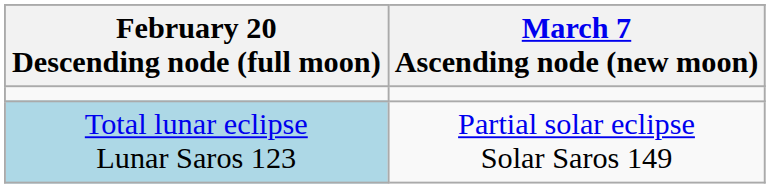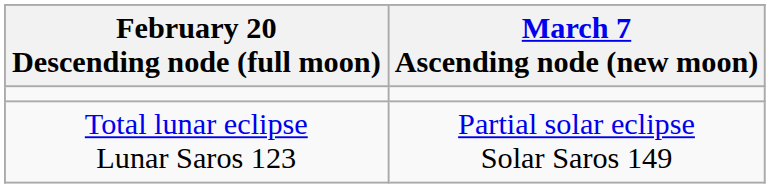 <table class="wikitable">
 <tr>
 <th>February 20<br>Descending node (full moon)<br></th>
 <th><a href='#'>March 7</a><br>Ascending node (new moon)<br></th>
 </tr>
 <tr>
 <td></td>
 <td></td>
 </tr>
 <tr align=center>
-<td style="background: lightblue;"><a href='#'>Total lunar eclipse</a><br>Lunar Saros 123</td>
+<td><a href='#'>Total lunar eclipse</a><br>Lunar Saros 123</td>
 <td><a href='#'>Partial solar eclipse</a><br>Solar Saros 149</td>
 </tr>
 </table>
